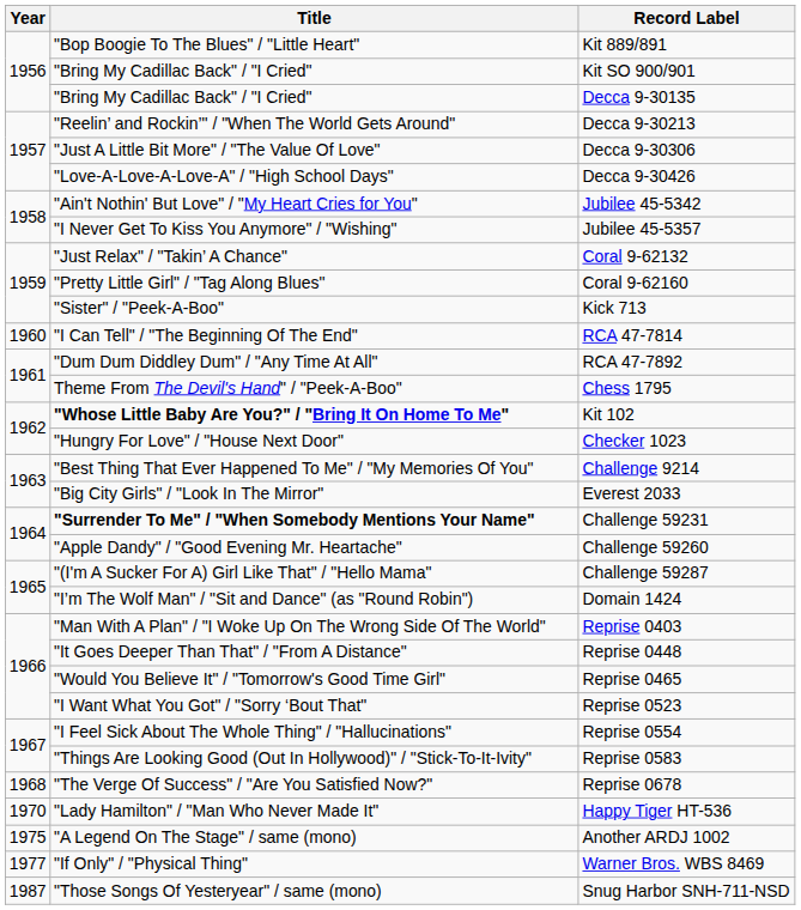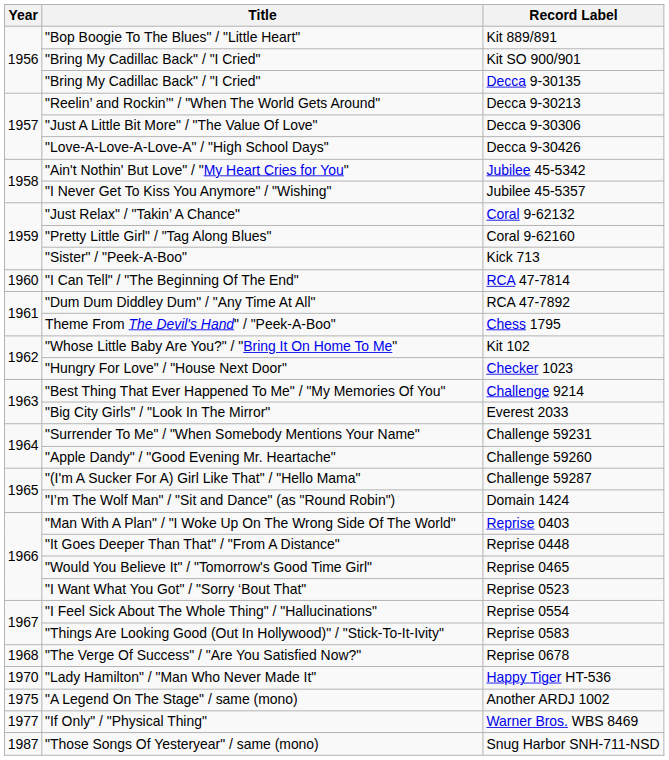 <table class="wikitable">
 <tr style="background:#ddd;">
 <th style="width:30px;">Year</th>
 <th style="width:500px;">Title</th>
 <th style="width:200px;">Record Label</th>
 </tr>
 <tr>
 <td rowspan="3">1956</td>
 <td>"Bop Boogie To The Blues" / "Little Heart"</td>
 <td>Kit 889/891</td>
 </tr>
 <tr>
 <td>"Bring My Cadillac Back" / "I Cried"</td>
 <td>Kit SO 900/901</td>
 </tr>
 <tr>
 <td>"Bring My Cadillac Back" / "I Cried"</td>
 <td><a href='#'>Decca</a> 9-30135</td>
 </tr>
 <tr>
 <td rowspan="3">1957</td>
 <td>"Reelin’ and Rockin’" / "When The World Gets Around"</td>
 <td>Decca 9-30213</td>
 </tr>
 <tr>
 <td>"Just A Little Bit More" / "The Value Of Love"</td>
 <td>Decca 9-30306</td>
 </tr>
 <tr>
 <td>"Love-A-Love-A-Love-A" / "High School Days"</td>
 <td>Decca 9-30426</td>
 </tr>
 <tr>
 <td rowspan="2">1958</td>
 <td>"Ain't Nothin' But Love" / "<a href='#'>My Heart Cries for You</a>"</td>
 <td><a href='#'>Jubilee</a> 45-5342</td>
 </tr>
 <tr>
 <td>"I Never Get To Kiss You Anymore" / "Wishing"</td>
 <td>Jubilee  45-5357</td>
 </tr>
 <tr>
 <td rowspan="3">1959</td>
 <td>"Just Relax" / "Takin’ A Chance"</td>
 <td><a href='#'>Coral</a> 9-62132</td>
 </tr>
 <tr>
 <td>"Pretty Little Girl" / "Tag Along Blues"</td>
 <td>Coral 9-62160</td>
 </tr>
 <tr>
 <td>"Sister" / "Peek-A-Boo"</td>
 <td>Kick 713</td>
 </tr>
 <tr>
 <td>1960</td>
 <td>"I Can Tell" / "The Beginning Of The End"</td>
 <td><a href='#'>RCA</a> 47-7814</td>
 </tr>
 <tr>
 <td rowspan="2">1961</td>
 <td>"Dum Dum Diddley Dum" / "Any Time At All"</td>
 <td>RCA 47-7892</td>
 </tr>
 <tr>
 <td>Theme From <em><a href='#'>The Devil's Hand</a></em>" / "Peek-A-Boo"</td>
 <td><a href='#'>Chess</a> 1795</td>
 </tr>
 <tr>
 <td rowspan="2">1962</td>
-<td><strong>"Whose Little Baby Are You?" / "<a href='#'>Bring It On Home To Me</a>"</strong></td>
+<td>"Whose Little Baby Are You?" / "<a href='#'>Bring It On Home To Me</a>"</td>
 <td>Kit 102</td>
 </tr>
 <tr>
 <td>"Hungry For Love" / "House Next Door"</td>
 <td><a href='#'>Checker</a> 1023</td>
 </tr>
 <tr>
 <td rowspan="2">1963</td>
 <td>"Best Thing That Ever Happened To Me" / "My Memories Of You"</td>
 <td><a href='#'>Challenge</a> 9214</td>
 </tr>
 <tr>
 <td>"Big City Girls" / "Look In The Mirror"</td>
 <td>Everest 2033</td>
 </tr>
 <tr>
 <td rowspan="2">1964</td>
-<td><strong>"Surrender To Me" / "When Somebody Mentions Your Name"</strong></td>
+<td>"Surrender To Me" / "When Somebody Mentions Your Name"</td>
 <td>Challenge 59231</td>
 </tr>
 <tr>
 <td>"Apple Dandy" / "Good Evening Mr. Heartache"</td>
 <td>Challenge 59260</td>
 </tr>
 <tr>
 <td rowspan="2">1965</td>
 <td>"(I'm A Sucker For A) Girl Like That" / "Hello Mama"</td>
 <td>Challenge 59287</td>
 </tr>
 <tr>
 <td>"I’m The Wolf Man" / "Sit and Dance" (as "Round Robin")</td>
 <td>Domain 1424</td>
 </tr>
 <tr>
 <td rowspan="4">1966</td>
 <td>"Man With A Plan" / "I Woke Up On The Wrong Side Of The World"</td>
 <td><a href='#'>Reprise</a> 0403</td>
 </tr>
 <tr>
 <td>"It Goes Deeper Than That" / "From A Distance"</td>
 <td>Reprise 0448</td>
 </tr>
 <tr>
 <td>"Would You Believe It" / "Tomorrow's Good Time Girl"</td>
 <td>Reprise 0465</td>
 </tr>
 <tr>
 <td>"I Want What You Got" / "Sorry ‘Bout That"</td>
 <td>Reprise 0523</td>
 </tr>
 <tr>
 <td rowspan="2">1967</td>
 <td>"I Feel Sick About The Whole Thing" / "Hallucinations"</td>
 <td>Reprise 0554</td>
 </tr>
 <tr>
 <td>"Things Are Looking Good (Out In Hollywood)" / "Stick-To-It-Ivity"</td>
 <td>Reprise 0583</td>
 </tr>
 <tr>
 <td>1968</td>
 <td>"The Verge Of Success" / "Are You Satisfied Now?"</td>
 <td>Reprise 0678</td>
 </tr>
 <tr>
 <td>1970</td>
 <td>"Lady Hamilton" / "Man Who Never Made It"</td>
 <td><a href='#'>Happy Tiger</a> HT-536</td>
 </tr>
 <tr>
 <td>1975</td>
 <td>"A Legend On The Stage" / same (mono)</td>
 <td>Another ARDJ 1002</td>
 </tr>
 <tr>
 <td>1977</td>
 <td>"If Only" / "Physical Thing"</td>
 <td><a href='#'>Warner Bros.</a> WBS 8469</td>
 </tr>
 <tr>
 <td>1987</td>
 <td>"Those Songs Of Yesteryear" / same (mono)</td>
 <td>Snug Harbor SNH-711-NSD</td>
 </tr>
 </table>
